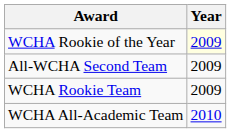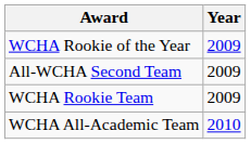 <table class="wikitable">
 <tr>
 <th>Award</th>
 <th>Year</th>
 </tr>
 <tr>
 <td><a href='#'>WCHA</a> Rookie of the Year</td>
-<td style="background: lightyellow;"><a href='#'>2009</a></td>
+<td><a href='#'>2009</a></td>
 </tr>
 <tr>
 <td>All-WCHA <a href='#'>Second Team</a></td>
 <td>2009</td>
 </tr>
 <tr>
 <td>WCHA <a href='#'>Rookie Team</a></td>
 <td>2009</td>
 </tr>
 <tr>
 <td>WCHA All-Academic Team</td>
 <td><a href='#'>2010</a></td>
 </tr>
 </table>
